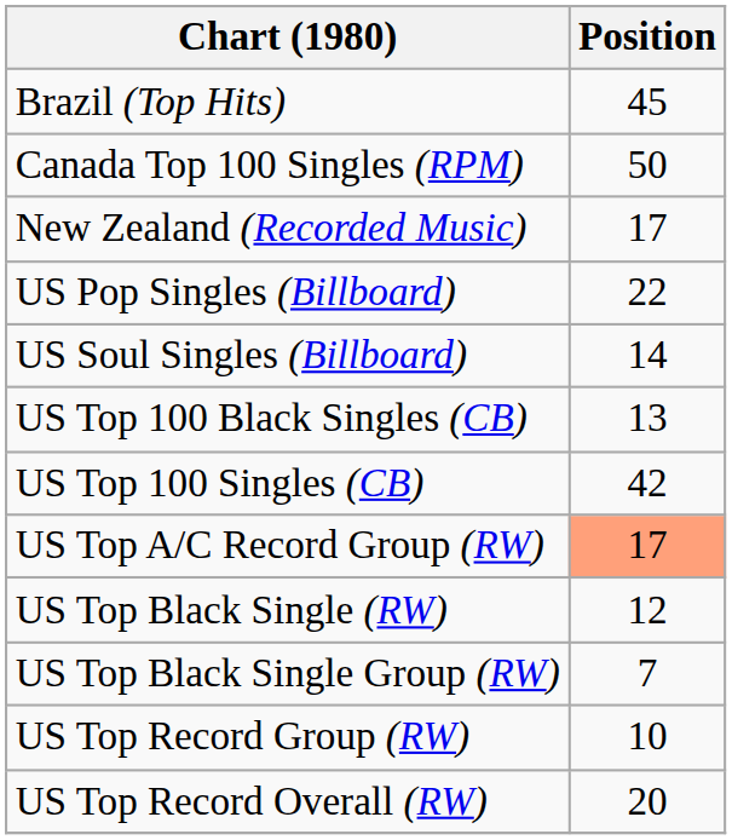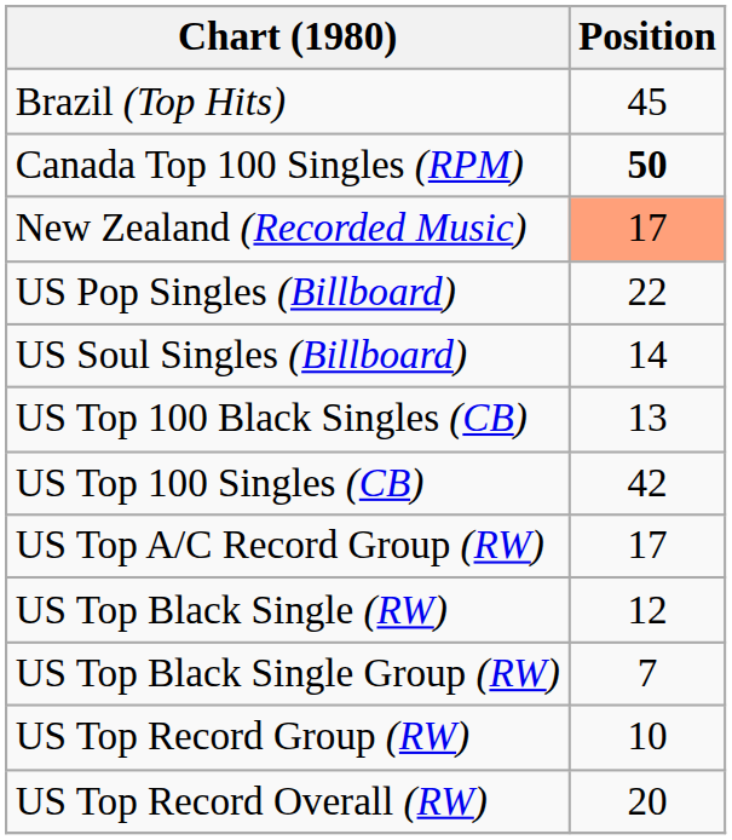 <table class="wikitable sortable">
 <tr>
 <th>Chart (1980)</th>
 <th>Position</th>
 </tr>
 <tr>
 <td>Brazil <em>(Top Hits)</em></td>
 <td style="text-align:center;">45</td>
 </tr>
 <tr>
 <td>Canada Top 100 Singles <em>(<a href='#'>RPM</a>)</em></td>
-<td style="text-align:center;">50</td>
+<td style="text-align:center;"><strong>50</strong></td>
 </tr>
 <tr>
 <td>New Zealand <em>(<a href='#'>Recorded Music</a>)</em></td>
-<td style="text-align:center;">17</td>
+<td style="background: lightsalmon; text-align:center;">17</td>
 </tr>
 <tr>
 <td>US Pop Singles <em>(<a href='#'>Billboard</a>)</em></td>
 <td style="text-align:center;">22</td>
 </tr>
 <tr>
 <td>US Soul Singles <em>(<a href='#'>Billboard</a>)</em></td>
 <td style="text-align:center;">14</td>
 </tr>
 <tr>
 <td>US Top 100 Black Singles <em>(<a href='#'>CB</a>)</em></td>
 <td style="text-align:center;">13</td>
 </tr>
 <tr>
 <td>US Top 100 Singles <em>(<a href='#'>CB</a>)</em></td>
 <td style="text-align:center;">42</td>
 </tr>
 <tr>
 <td>US Top A/C Record Group  <em>(<a href='#'>RW</a>)</em></td>
-<td style="background: lightsalmon; text-align:center;">17</td>
+<td style="text-align:center;">17</td>
 </tr>
 <tr>
 <td>US Top Black Single  <em>(<a href='#'>RW</a>)</em></td>
 <td style="text-align:center;">12</td>
 </tr>
 <tr>
 <td>US Top Black Single Group  <em>(<a href='#'>RW</a>)</em></td>
 <td style="text-align:center;">7</td>
 </tr>
 <tr>
 <td>US Top Record Group  <em>(<a href='#'>RW</a>)</em></td>
 <td style="text-align:center;">10</td>
 </tr>
 <tr>
 <td>US Top Record Overall <em>(<a href='#'>RW</a>)</em></td>
 <td style="text-align:center;">20</td>
 </tr>
 <tr>
 </tr>
 </table>
